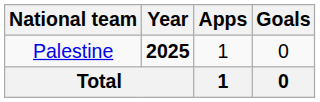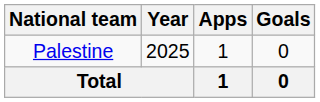 <table class="wikitable" style="text-align:center">
 <tr>
 <th>National team</th>
 <th>Year</th>
 <th>Apps</th>
 <th>Goals</th>
 </tr>
 <tr>
 <td><a href='#'>Palestine</a></td>
-<td><strong>2025</strong></td>
+<td>2025</td>
 <td>1</td>
 <td>0</td>
 </tr>
 <tr>
 <th colspan="2">Total</th>
 <th>1</th>
 <th>0</th>
 </tr>
 </table>
